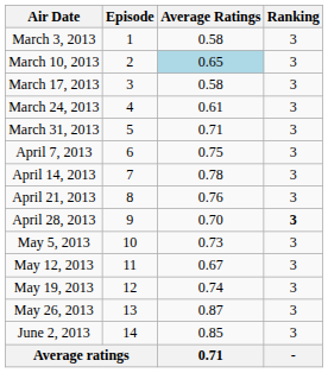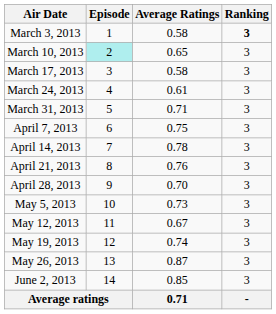 <table class="wikitable" style="text-align:center">
 <tr>
 <th>Air Date</th>
 <th>Episode</th>
 <th>Average Ratings</th>
 <th>Ranking</th>
 </tr>
 <tr>
 <td>March 3, 2013</td>
 <td>1</td>
 <td>0.58</td>
-<td>3</td>
+<td><strong>3</strong></td>
 </tr>
 <tr>
 <td>March 10, 2013</td>
-<td>2</td>
-<td style="background: lightblue;">0.65</td>
+<td style="background: paleturquoise;">2</td>
+<td>0.65</td>
 <td>3</td>
 </tr>
 <tr>
 <td>March 17, 2013</td>
 <td>3</td>
 <td>0.58</td>
 <td>3</td>
 </tr>
 <tr>
 <td>March 24, 2013</td>
 <td>4</td>
 <td>0.61</td>
 <td>3</td>
 </tr>
 <tr>
 <td>March 31, 2013</td>
 <td>5</td>
 <td>0.71</td>
 <td>3</td>
 </tr>
 <tr>
 <td>April 7, 2013</td>
 <td>6</td>
 <td>0.75</td>
 <td>3</td>
 </tr>
 <tr>
 <td>April 14, 2013</td>
 <td>7</td>
 <td>0.78</td>
 <td>3</td>
 </tr>
 <tr>
 <td>April 21, 2013</td>
 <td>8</td>
 <td>0.76</td>
 <td>3</td>
 </tr>
 <tr>
 <td>April 28, 2013</td>
 <td>9</td>
 <td>0.70</td>
-<td><strong>3</strong></td>
+<td>3</td>
 </tr>
 <tr>
 <td>May 5, 2013</td>
 <td>10</td>
 <td>0.73</td>
 <td>3</td>
 </tr>
 <tr>
 <td>May 12, 2013</td>
 <td>11</td>
 <td>0.67</td>
 <td>3</td>
 </tr>
 <tr>
 <td>May 19, 2013</td>
 <td>12</td>
 <td>0.74</td>
 <td>3</td>
 </tr>
 <tr>
 <td>May 26, 2013</td>
 <td>13</td>
 <td>0.87</td>
 <td>3</td>
 </tr>
 <tr>
 <td>June 2, 2013</td>
 <td>14</td>
 <td>0.85</td>
 <td>3</td>
 </tr>
 <tr>
 <th colspan="2">Average ratings</th>
 <th>0.71</th>
 <th>-</th>
 </tr>
 </table>
